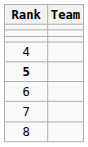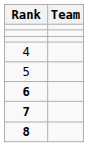 <table class="wikitable" style="text-align: center;">
 <tr>
 <th width=40>Rank</th>
 <th>Team</th>
 </tr>
 <tr>
 <td></td>
 <td style="text-align:left;"></td>
 </tr>
 <tr>
 <td></td>
 <td style="text-align:left;"></td>
 </tr>
 <tr>
 <td></td>
 <td style="text-align:left;"></td>
 </tr>
 <tr>
 <td>4</td>
 <td style="text-align:left;"></td>
 </tr>
 <tr>
-<td><strong>5</strong></td>
+<td>5</td>
 <td style="text-align:left;"></td>
 </tr>
 <tr>
-<td>6</td>
+<td><strong>6</strong></td>
 <td style="text-align:left;"></td>
 </tr>
 <tr>
-<td>7</td>
+<td><strong>7</strong></td>
 <td style="text-align:left;"></td>
 </tr>
 <tr>
-<td>8</td>
+<td><strong>8</strong></td>
 <td style="text-align:left;"></td>
 </tr>
 </table>
